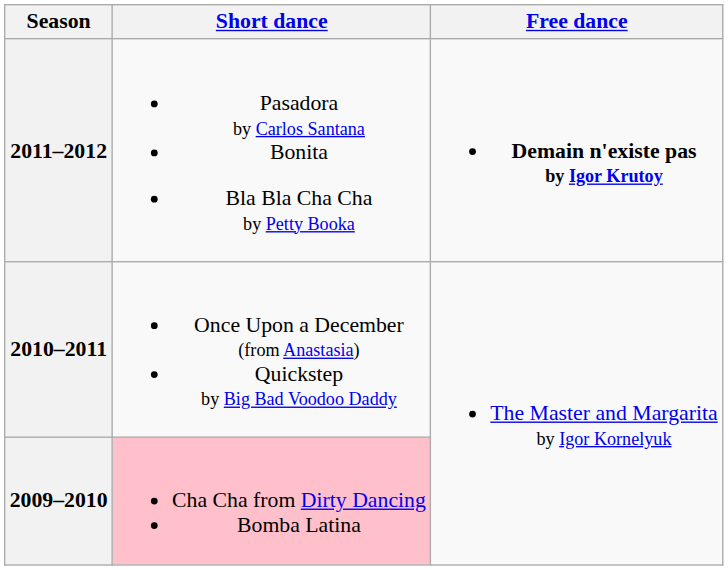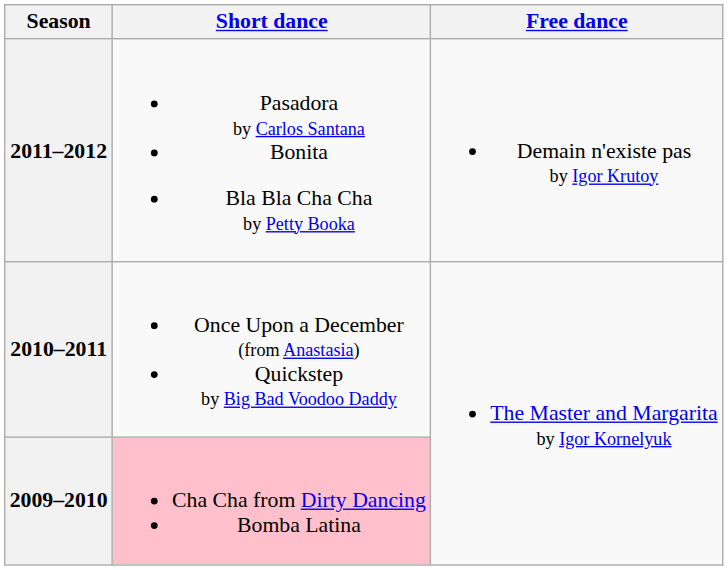 <table class="wikitable" style="text-align:center">
 <tr>
 <th>Season</th>
 <th><a href='#'>Short dance</a></th>
 <th><a href='#'>Free dance</a></th>
 </tr>
 <tr>
 <th>2011–2012 <br> </th>
 <td><br><ul><li>Pasadora <br><small> by <a href='#'>Carlos Santana</a> </small></li><li>Bonita</li></ul><ul><li>Bla Bla Cha Cha <br><small> by <a href='#'>Petty Booka</a> </small></li></ul></td>
-<td><strong><br><ul><li>Demain n'existe pas <br><small> by <a href='#'>Igor Krutoy</a> </small></li></ul></strong></td>
+<td><br><ul><li>Demain n'existe pas <br><small> by <a href='#'>Igor Krutoy</a> </small></li></ul></td>
 </tr>
 <tr>
 <th>2010–2011 <br> </th>
 <td><br><ul><li>Once Upon a December <br><small> (from <a href='#'>Anastasia</a>) </small></li><li>Quickstep <br><small> by <a href='#'>Big Bad Voodoo Daddy</a> </small></li></ul></td>
 <td rowspan=2><br><ul><li><a href='#'>The Master and Margarita</a> <br><small> by <a href='#'>Igor Kornelyuk</a> </small></li></ul></td>
 </tr>
 <tr>
 <th>2009–2010 <br> </th>
 <td style="background: pink;"><br><ul><li>Cha Cha from <a href='#'>Dirty Dancing</a></li><li>Bomba Latina</li></ul></td>
 </tr>
 </table>
